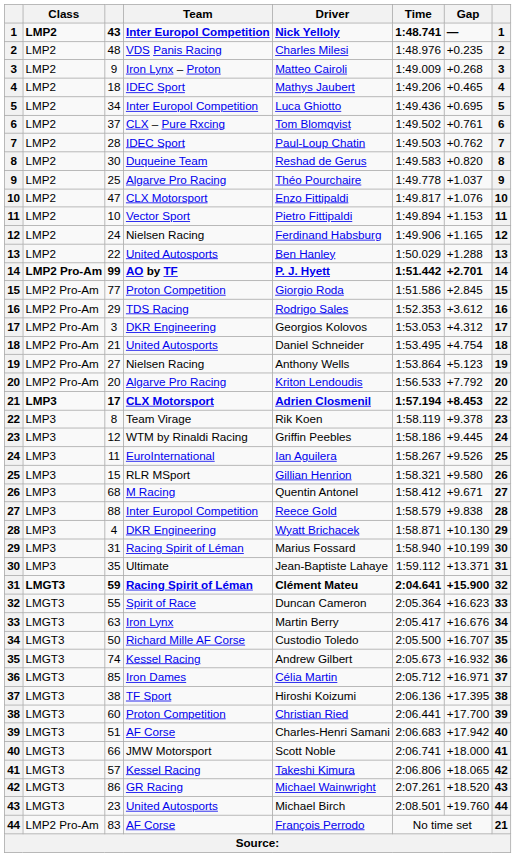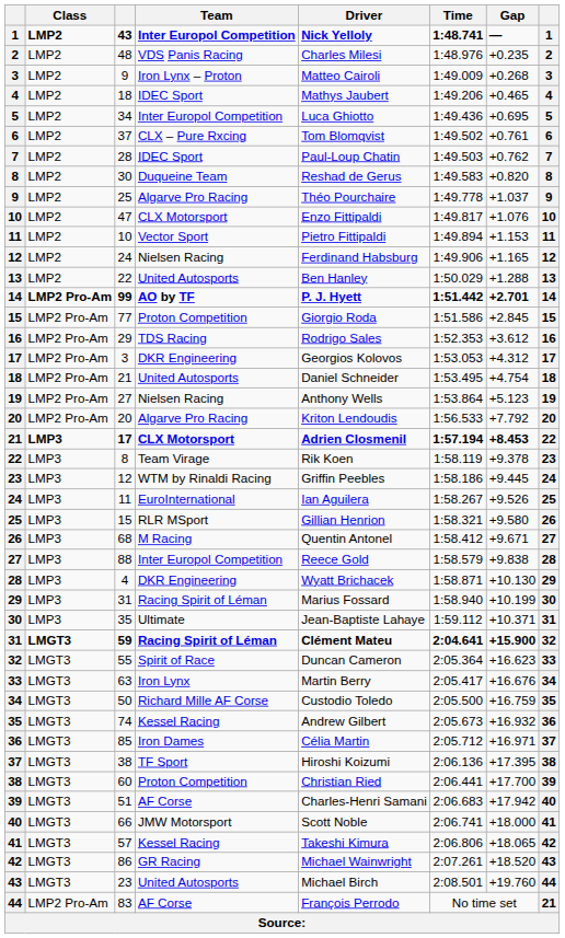 <table class="wikitable sortable" style="font-size:90%;">
 <tr>
 <th></th>
 <th class="unsortable">Class</th>
 <th class="unsortable"></th>
 <th class="unsortable">Team</th>
 <th class="unsortable">Driver</th>
 <th class="unsortable">Time</th>
 <th class="unsortable">Gap</th>
 <th></th>
 </tr>
 <tr style="font-weight:bold;">
 <th>1</th>
 <td>LMP2</td>
 <td align="center">43</td>
 <td> <a href='#'>Inter Europol Competition</a></td>
 <td> <a href='#'>Nick Yelloly</a></td>
 <td align="center">1:48.741</td>
 <td>—</td>
 <th>1</th>
 </tr>
 <tr>
 <th>2</th>
 <td>LMP2</td>
 <td align="center">48</td>
 <td> <a href='#'>VDS</a> <a href='#'>Panis Racing</a></td>
 <td> <a href='#'>Charles Milesi</a></td>
 <td align="center">1:48.976</td>
 <td>+0.235</td>
 <th>2</th>
 </tr>
 <tr>
 <th>3</th>
 <td>LMP2</td>
 <td align="center">9</td>
 <td> <a href='#'>Iron Lynx</a> – <a href='#'>Proton</a></td>
 <td> <a href='#'>Matteo Cairoli</a></td>
 <td align="center">1:49.009</td>
 <td>+0.268</td>
 <th>3</th>
 </tr>
 <tr>
 <th>4</th>
 <td>LMP2</td>
 <td align="center">18</td>
 <td> <a href='#'>IDEC Sport</a></td>
 <td> <a href='#'>Mathys Jaubert</a></td>
 <td align="center">1:49.206</td>
 <td>+0.465</td>
 <th>4</th>
 </tr>
 <tr>
 <th>5</th>
 <td>LMP2</td>
 <td align="center">34</td>
 <td> <a href='#'>Inter Europol Competition</a></td>
 <td> <a href='#'>Luca Ghiotto</a></td>
 <td align="center">1:49.436</td>
 <td>+0.695</td>
 <th>5</th>
 </tr>
 <tr>
 <th>6</th>
 <td>LMP2</td>
 <td align="center">37</td>
 <td> <a href='#'>CLX</a> – <a href='#'>Pure Rxcing</a></td>
 <td> <a href='#'>Tom Blomqvist</a></td>
 <td align="center">1:49.502</td>
 <td>+0.761</td>
 <th>6</th>
 </tr>
 <tr>
 <th>7</th>
 <td>LMP2</td>
 <td align="center">28</td>
 <td> <a href='#'>IDEC Sport</a></td>
 <td> <a href='#'>Paul-Loup Chatin</a></td>
 <td align="center">1:49.503</td>
 <td>+0.762</td>
 <th>7</th>
 </tr>
 <tr>
 <th>8</th>
 <td>LMP2</td>
 <td align="center">30</td>
 <td> <a href='#'>Duqueine Team</a></td>
 <td> <a href='#'>Reshad de Gerus</a></td>
 <td align="center">1:49.583</td>
 <td>+0.820</td>
 <th>8</th>
 </tr>
 <tr>
 <th>9</th>
 <td>LMP2</td>
 <td align="center">25</td>
 <td> <a href='#'>Algarve Pro Racing</a></td>
 <td> <a href='#'>Théo Pourchaire</a></td>
 <td align="center">1:49.778</td>
 <td>+1.037</td>
 <th>9</th>
 </tr>
 <tr>
 <th>10</th>
 <td>LMP2</td>
 <td align="center">47</td>
 <td> <a href='#'>CLX Motorsport</a></td>
 <td> <a href='#'>Enzo Fittipaldi</a></td>
 <td align="center">1:49.817</td>
 <td>+1.076</td>
 <th>10</th>
 </tr>
 <tr>
 <th>11</th>
 <td>LMP2</td>
 <td align="center">10</td>
 <td> <a href='#'>Vector Sport</a></td>
 <td> <a href='#'>Pietro Fittipaldi</a></td>
 <td align="center">1:49.894</td>
 <td>+1.153</td>
 <th>11</th>
 </tr>
 <tr>
 <th>12</th>
 <td>LMP2</td>
 <td align="center">24</td>
 <td> Nielsen Racing</td>
 <td> <a href='#'>Ferdinand Habsburg</a></td>
 <td align="center">1:49.906</td>
 <td>+1.165</td>
 <th>12</th>
 </tr>
 <tr>
 <th>13</th>
 <td>LMP2</td>
 <td align="center">22</td>
 <td> <a href='#'>United Autosports</a></td>
 <td> <a href='#'>Ben Hanley</a></td>
 <td align="center">1:50.029</td>
 <td>+1.288</td>
 <th>13</th>
 </tr>
 <tr style="font-weight:bold;">
 <th>14</th>
 <td>LMP2 Pro-Am</td>
 <td align="center">99</td>
 <td> <a href='#'>AO</a> by <a href='#'>TF</a></td>
 <td> <a href='#'>P. J. Hyett</a></td>
 <td align="center">1:51.442</td>
 <td>+2.701</td>
 <th>14</th>
 </tr>
 <tr>
 <th>15</th>
 <td>LMP2 Pro-Am</td>
 <td align="center">77</td>
 <td> <a href='#'>Proton Competition</a></td>
 <td> <a href='#'>Giorgio Roda</a></td>
 <td align="center">1:51.586</td>
 <td>+2.845</td>
 <th>15</th>
 </tr>
 <tr>
 <th>16</th>
 <td>LMP2 Pro-Am</td>
 <td align="center">29</td>
 <td> <a href='#'>TDS Racing</a></td>
 <td> <a href='#'>Rodrigo Sales</a></td>
 <td align="center">1:52.353</td>
 <td>+3.612</td>
 <th>16</th>
 </tr>
 <tr>
 <th>17</th>
 <td>LMP2 Pro-Am</td>
 <td align="center">3</td>
 <td> <a href='#'>DKR Engineering</a></td>
 <td> Georgios Kolovos</td>
 <td align="center">1:53.053</td>
 <td>+4.312</td>
 <th>17</th>
 </tr>
 <tr>
 <th>18</th>
 <td>LMP2 Pro-Am</td>
 <td align="center">21</td>
 <td> <a href='#'>United Autosports</a></td>
 <td> Daniel Schneider</td>
 <td align="center">1:53.495</td>
 <td>+4.754</td>
 <th>18</th>
 </tr>
 <tr>
 <th>19</th>
 <td>LMP2 Pro-Am</td>
 <td align="center">27</td>
 <td> Nielsen Racing</td>
 <td> Anthony Wells</td>
 <td align="center">1:53.864</td>
 <td>+5.123</td>
 <th>19</th>
 </tr>
 <tr>
 <th>20</th>
 <td>LMP2 Pro-Am</td>
 <td align="center">20</td>
 <td> <a href='#'>Algarve Pro Racing</a></td>
 <td> <a href='#'>Kriton Lendoudis</a></td>
 <td align="center">1:56.533</td>
 <td>+7.792</td>
 <th>20</th>
 </tr>
 <tr style="font-weight:bold;">
 <th>21</th>
 <td>LMP3</td>
 <td align="center">17</td>
 <td> <a href='#'>CLX Motorsport</a></td>
 <td> <a href='#'>Adrien Closmenil</a></td>
 <td align="center">1:57.194</td>
 <td>+8.453</td>
 <th>22</th>
 </tr>
 <tr>
 <th>22</th>
 <td>LMP3</td>
 <td align="center">8</td>
 <td> Team Virage</td>
 <td> Rik Koen</td>
 <td align="center">1:58.119</td>
 <td>+9.378</td>
 <th>23</th>
 </tr>
 <tr>
 <th>23</th>
 <td>LMP3</td>
 <td align="center">12</td>
 <td> WTM by Rinaldi Racing</td>
 <td> Griffin Peebles</td>
 <td align="center">1:58.186</td>
 <td>+9.445</td>
 <th>24</th>
 </tr>
 <tr>
 <th>24</th>
 <td>LMP3</td>
 <td align="center">11</td>
 <td> <a href='#'>EuroInternational</a></td>
 <td> <a href='#'>Ian Aguilera</a></td>
 <td align="center">1:58.267</td>
 <td>+9.526</td>
 <th>25</th>
 </tr>
 <tr>
 <th>25</th>
 <td>LMP3</td>
 <td align="center">15</td>
 <td> RLR MSport</td>
 <td> <a href='#'>Gillian Henrion</a></td>
 <td align="center">1:58.321</td>
 <td>+9.580</td>
 <th>26</th>
 </tr>
 <tr>
 <th>26</th>
 <td>LMP3</td>
 <td align="center">68</td>
 <td> <a href='#'>M Racing</a></td>
 <td> Quentin Antonel</td>
 <td align="center">1:58.412</td>
 <td>+9.671</td>
 <th>27</th>
 </tr>
 <tr>
 <th>27</th>
 <td>LMP3</td>
 <td align="center">88</td>
 <td> <a href='#'>Inter Europol Competition</a></td>
 <td> <a href='#'>Reece Gold</a></td>
 <td align="center">1:58.579</td>
 <td>+9.838</td>
 <th>28</th>
 </tr>
 <tr>
 <th>28</th>
 <td>LMP3</td>
 <td align="center">4</td>
 <td> <a href='#'>DKR Engineering</a></td>
 <td> <a href='#'>Wyatt Brichacek</a></td>
 <td align="center">1:58.871</td>
 <td>+10.130</td>
 <th>29</th>
 </tr>
 <tr>
 <th>29</th>
 <td>LMP3</td>
 <td align="center">31</td>
 <td> <a href='#'>Racing Spirit of Léman</a></td>
 <td> Marius Fossard</td>
 <td align="center">1:58.940</td>
 <td>+10.199</td>
 <th>30</th>
 </tr>
 <tr>
 <th>30</th>
 <td>LMP3</td>
 <td align="center">35</td>
 <td> Ultimate</td>
 <td> Jean-Baptiste Lahaye</td>
 <td align="center">1:59.112</td>
-<td>+13.371</td>
+<td>+10.371</td>
 <th>31</th>
 </tr>
 <tr style="font-weight:bold;">
 <th>31</th>
 <td>LMGT3</td>
 <td align="center">59</td>
 <td> <a href='#'>Racing Spirit of Léman</a></td>
 <td> Clément Mateu</td>
 <td align="center">2:04.641</td>
 <td>+15.900</td>
 <th>32</th>
 </tr>
 <tr>
 <th>32</th>
 <td>LMGT3</td>
 <td align="center">55</td>
 <td> <a href='#'>Spirit of Race</a></td>
 <td> Duncan Cameron</td>
 <td align="center">2:05.364</td>
 <td>+16.623</td>
 <th>33</th>
 </tr>
 <tr>
 <th>33</th>
 <td>LMGT3</td>
 <td align="center">63</td>
 <td> <a href='#'>Iron Lynx</a></td>
 <td> Martin Berry</td>
 <td align="center">2:05.417</td>
 <td>+16.676</td>
 <th>34</th>
 </tr>
 <tr>
 <th>34</th>
 <td>LMGT3</td>
 <td align="center">50</td>
 <td> <a href='#'>Richard Mille AF Corse</a></td>
 <td> Custodio Toledo</td>
 <td align="center">2:05.500</td>
-<td>+16.707</td>
+<td>+16.759</td>
 <th>35</th>
 </tr>
 <tr>
 <th>35</th>
 <td>LMGT3</td>
 <td align="center">74</td>
 <td> <a href='#'>Kessel Racing</a></td>
 <td> Andrew Gilbert</td>
 <td align="center">2:05.673</td>
 <td>+16.932</td>
 <th>36</th>
 </tr>
 <tr>
 <th>36</th>
 <td>LMGT3</td>
 <td align="center">85</td>
 <td> <a href='#'>Iron Dames</a></td>
 <td> <a href='#'>Célia Martin</a></td>
 <td align="center">2:05.712</td>
 <td>+16.971</td>
 <th>37</th>
 </tr>
 <tr>
 <th>37</th>
 <td>LMGT3</td>
 <td align="center">38</td>
 <td> <a href='#'>TF Sport</a></td>
 <td> Hiroshi Koizumi</td>
 <td align="center">2:06.136</td>
 <td>+17.395</td>
 <th>38</th>
 </tr>
 <tr>
 <th>38</th>
 <td>LMGT3</td>
 <td align="center">60</td>
 <td> <a href='#'>Proton Competition</a></td>
 <td> <a href='#'>Christian Ried</a></td>
 <td align="center">2:06.441</td>
 <td>+17.700</td>
 <th>39</th>
 </tr>
 <tr>
 <th>39</th>
 <td>LMGT3</td>
 <td align="center">51</td>
 <td> <a href='#'>AF Corse</a></td>
 <td> Charles-Henri Samani</td>
 <td align="center">2:06.683</td>
 <td>+17.942</td>
 <th>40</th>
 </tr>
 <tr>
 <th>40</th>
 <td>LMGT3</td>
 <td align="center">66</td>
 <td> JMW Motorsport</td>
 <td> Scott Noble</td>
 <td align="center">2:06.741</td>
 <td>+18.000</td>
 <th>41</th>
 </tr>
 <tr>
 <th>41</th>
 <td>LMGT3</td>
 <td align="center">57</td>
 <td> <a href='#'>Kessel Racing</a></td>
 <td> <a href='#'>Takeshi Kimura</a></td>
 <td align="center">2:06.806</td>
 <td>+18.065</td>
 <th>42</th>
 </tr>
 <tr>
 <th>42</th>
 <td>LMGT3</td>
 <td align="center">86</td>
 <td> <a href='#'>GR Racing</a></td>
 <td> <a href='#'>Michael Wainwright</a></td>
 <td align="center">2:07.261</td>
 <td>+18.520</td>
 <th>43</th>
 </tr>
 <tr>
 <th>43</th>
 <td>LMGT3</td>
 <td align="center">23</td>
 <td> <a href='#'>United Autosports</a></td>
 <td> Michael Birch</td>
 <td align="center">2:08.501</td>
 <td>+19.760</td>
 <th>44</th>
 </tr>
 <tr>
 <th>44</th>
 <td>LMP2 Pro-Am</td>
 <td align="center">83</td>
 <td> <a href='#'>AF Corse</a></td>
 <td> <a href='#'>François Perrodo</a></td>
 <td colspan=2 align="center">No time set</td>
 <th>21</th>
 </tr>
 <tr>
 <th colspan=8>Source:</th>
 </tr>
 </table>
